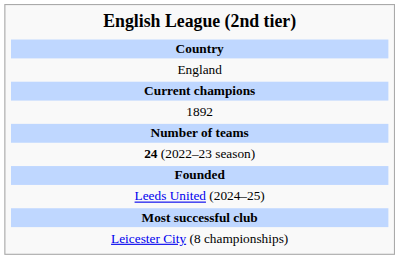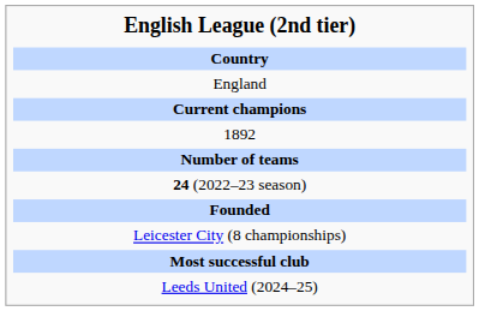 <table class="infobox football" style="width: 22em; text-align: center;">
 <tr>
 <th style="font-size: 16px;">English League (2nd tier)</th>
 </tr>
 <tr>
 <th style="font-size: 12px;"></th>
 </tr>
 <tr>
 <td style="font-size: 12px; background: #BFD7FF;"><strong>Country</strong></td>
 </tr>
 <tr>
 <td style="font-size: 12px;">England<br></td>
 </tr>
 <tr>
 <td style="font-size: 12px; background: #BFD7FF;"><strong>Current champions</strong></td>
 </tr>
 <tr>
 <td style="font-size: 12px;">1892</td>
 </tr>
 <tr>
 <td style="font-size: 12px; background: #BFD7FF;"><strong>Number of teams</strong></td>
 </tr>
 <tr>
 <td style="font-size: 12px;"><strong>24</strong> (2022–23 season)</td>
 </tr>
 <tr>
 <td style="font-size: 12px; background: #BFD7FF;"><strong>Founded</strong></td>
 </tr>
 <tr>
-<td style="font-size: 12px;"><a href='#'>Leeds United</a> (2024–25)</td>
+<td style="font-size: 12px;"><a href='#'>Leicester City</a> (8 championships)</td>
 </tr>
 <tr>
 <td style="font-size: 12px; background: #BFD7FF;"><strong>Most successful club</strong></td>
 </tr>
 <tr>
-<td style="font-size: 12px;"><a href='#'>Leicester City</a> (8 championships)</td>
+<td style="font-size: 12px;"><a href='#'>Leeds United</a> (2024–25)</td>
 </tr>
 </table>
